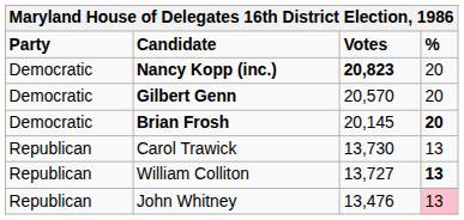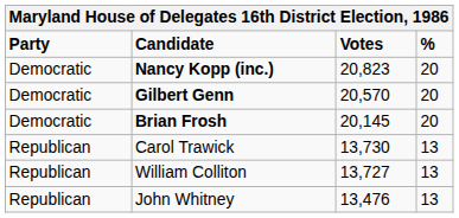 <table class="wikitable">
 <tr>
 <th colspan="4">Maryland House of Delegates 16th District Election, 1986</th>
 </tr>
 <tr>
 <td><strong>Party</strong></td>
 <td><strong>Candidate</strong></td>
 <td><strong>Votes</strong></td>
 <td><strong>%</strong></td>
 </tr>
 <tr>
 <td>Democratic</td>
 <td><strong>Nancy Kopp (inc.)</strong></td>
-<td><strong>20,823</strong></td>
+<td>20,823</td>
 <td>20</td>
 </tr>
 <tr>
 <td>Democratic</td>
 <td><strong>Gilbert Genn</strong></td>
 <td>20,570</td>
 <td>20</td>
 </tr>
 <tr>
 <td>Democratic</td>
 <td><strong>Brian Frosh</strong></td>
 <td>20,145</td>
-<td><strong>20</strong></td>
+<td>20</td>
 </tr>
 <tr>
 <td>Republican</td>
 <td>Carol Trawick</td>
 <td>13,730</td>
 <td>13</td>
 </tr>
 <tr>
 <td>Republican</td>
 <td>William Colliton</td>
 <td>13,727</td>
-<td><strong>13</strong></td>
+<td>13</td>
 </tr>
 <tr>
 <td>Republican</td>
 <td>John Whitney</td>
 <td>13,476</td>
-<td style="background: pink;">13</td>
+<td>13</td>
 </tr>
 </table>
